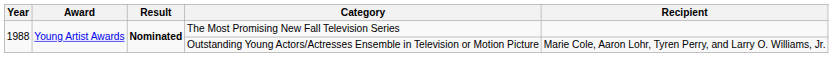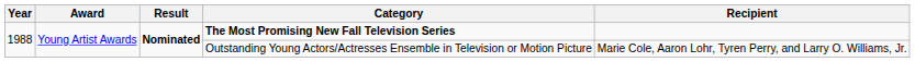 <table class="wikitable" style="font-size: 90%;">
 <tr>
 <th>Year</th>
 <th>Award</th>
 <th>Result</th>
 <th>Category</th>
 <th>Recipient</th>
 </tr>
 <tr>
 <td rowspan=2>1988</td>
 <td rowspan=2><a href='#'>Young Artist Awards</a></td>
 <td rowspan=2><strong>Nominated</strong></td>
-<td>The Most Promising New Fall Television Series</td>
+<td><strong>The Most Promising New Fall Television Series</strong></td>
 <td></td>
 </tr>
 <tr>
 <td>Outstanding Young Actors/Actresses Ensemble in Television or Motion Picture</td>
 <td>Marie Cole, Aaron Lohr, Tyren Perry, and Larry O. Williams, Jr.</td>
 </tr>
 </table>
